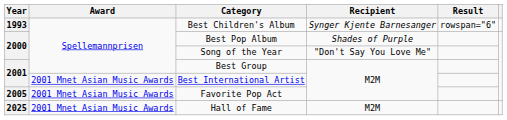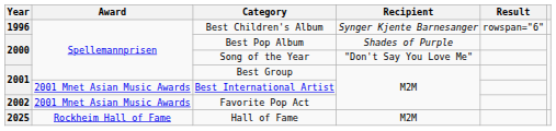 <table class="wikitable plainrowheaders unsortable" style="text-align:center">
 <tr>
 <th style="width:5%;">Year</th>
 <th>Award</th>
 <th>Category</th>
 <th>Recipient</th>
 <th>Result</th>
 <th></th>
 </tr>
 <tr>
-<th scope="row">1993</th>
+<th scope="row">1996</th>
 <td rowspan="4"><a href='#'>Spellemannprisen</a></td>
 <td>Best Children's Album</td>
 <td><em>Synger Kjente Barnesanger</em></td>
 <td>rowspan="6" </td>
 <td></td>
 </tr>
 <tr>
 <th scope="row" rowspan="2">2000</th>
 <td>Best Pop Album</td>
 <td><em>Shades of Purple</em></td>
 <td></td>
 </tr>
 <tr>
 <td>Song of the Year</td>
 <td>"Don't Say You Love Me"</td>
 <td></td>
 </tr>
 <tr>
 <th scope="row" rowspan="2">2001</th>
 <td>Best Group</td>
 <td rowspan="3">M2M</td>
 <td></td>
 </tr>
 <tr>
 <td><a href='#'>2001 Mnet Asian Music Awards</a></td>
 <td><a href='#'>Best International Artist</a></td>
 <td></td>
 </tr>
 <tr>
-<th scope="row">2005</th>
+<th scope="row">2002</th>
 <td><a href='#'>2001 Mnet Asian Music Awards</a></td>
 <td>Favorite Pop Act</td>
 <td></td>
 </tr>
 <tr>
 <th scope="row">2025</th>
-<td><a href='#'>2001 Mnet Asian Music Awards</a></td>
+<td><a href='#'>Rockheim Hall of Fame</a></td>
 <td>Hall of Fame</td>
 <td>M2M</td>
 <td></td>
 <td></td>
 </tr>
 </table>
